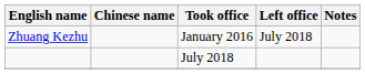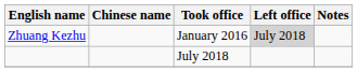 <table class="wikitable">
 <tr>
 <th>English name</th>
 <th>Chinese name</th>
 <th>Took office</th>
 <th>Left office</th>
 <th>Notes</th>
 </tr>
 <tr>
 <td><a href='#'>Zhuang Kezhu</a></td>
 <td></td>
 <td>January 2016</td>
-<td>July 2018</td>
+<td style="background: lightgrey;">July 2018</td>
 <td></td>
 </tr>
 <tr>
 <td></td>
 <td></td>
 <td>July 2018</td>
 <td></td>
 <td></td>
 </tr>
 <tr>
 </tr>
 </table>
